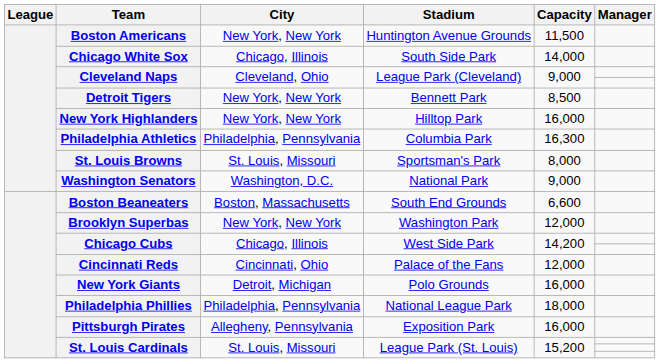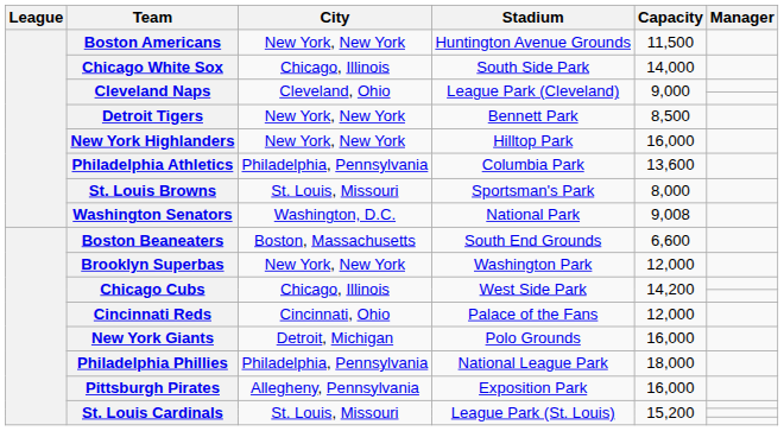 <table class="wikitable sortable plainrowheaders" style="text-align:center;">
 <tr>
 <th scope="col">League</th>
 <th scope="col">Team</th>
 <th scope="col">City</th>
 <th scope="col">Stadium</th>
 <th scope="col">Capacity</th>
 <th scope="col">Manager</th>
 </tr>
 <tr>
 <th rowspan="9"></th>
 <th scope="row"><a href='#'>Boston Americans</a></th>
 <td><a href='#'>New York</a>, <a href='#'>New York</a></td>
 <td><a href='#'>Huntington Avenue Grounds</a></td>
 <td>11,500</td>
 <td></td>
 </tr>
 <tr>
 <th scope="row"><a href='#'>Chicago White Sox</a></th>
 <td><a href='#'>Chicago</a>, <a href='#'>Illinois</a></td>
 <td><a href='#'>South Side Park</a></td>
 <td>14,000</td>
 <td></td>
 </tr>
 <tr>
 <th rowspan="2" scope="row"><a href='#'>Cleveland Naps</a></th>
 <td rowspan="2"><a href='#'>Cleveland</a>, <a href='#'>Ohio</a></td>
 <td rowspan="2"><a href='#'>League Park (Cleveland)</a></td>
 <td rowspan="2">9,000</td>
 <td></td>
 </tr>
 <tr>
 <td></td>
 </tr>
 <tr>
 <th scope="row"><a href='#'>Detroit Tigers</a></th>
 <td><a href='#'>New York</a>, <a href='#'>New York</a></td>
 <td><a href='#'>Bennett Park</a></td>
 <td>8,500</td>
 <td></td>
 </tr>
 <tr>
 <th scope="row"><a href='#'>New York Highlanders</a></th>
 <td><a href='#'>New York</a>, <a href='#'>New York</a></td>
 <td><a href='#'>Hilltop Park</a></td>
 <td>16,000</td>
 <td></td>
 </tr>
 <tr>
 <th scope="row"><a href='#'>Philadelphia Athletics</a></th>
 <td><a href='#'>Philadelphia</a>, <a href='#'>Pennsylvania</a></td>
 <td><a href='#'>Columbia Park</a></td>
-<td>16,300</td>
+<td>13,600</td>
 <td></td>
 </tr>
 <tr>
 <th scope="row"><a href='#'>St. Louis Browns</a></th>
 <td><a href='#'>St. Louis</a>, <a href='#'>Missouri</a></td>
 <td><a href='#'>Sportsman's Park</a></td>
 <td>8,000</td>
 <td></td>
 </tr>
 <tr>
 <th scope="row"><a href='#'>Washington Senators</a></th>
 <td><a href='#'>Washington, D.C.</a></td>
 <td><a href='#'>National Park</a></td>
-<td>9,000</td>
+<td>9,008</td>
 <td></td>
 </tr>
 <tr>
 <th rowspan="11"></th>
 <th scope="row"><a href='#'>Boston Beaneaters</a></th>
 <td><a href='#'>Boston</a>, <a href='#'>Massachusetts</a></td>
 <td><a href='#'>South End Grounds</a></td>
 <td>6,600</td>
 <td></td>
 </tr>
 <tr>
 <th scope="row"><a href='#'>Brooklyn Superbas</a></th>
 <td><a href='#'>New York</a>, <a href='#'>New York</a></td>
 <td><a href='#'>Washington Park</a></td>
 <td>12,000</td>
 <td></td>
 </tr>
 <tr>
 <th rowspan="2" scope="row"><a href='#'>Chicago Cubs</a></th>
 <td rowspan="2"><a href='#'>Chicago</a>, <a href='#'>Illinois</a></td>
 <td rowspan="2"><a href='#'>West Side Park</a></td>
 <td rowspan="2">14,200</td>
 <td></td>
 </tr>
 <tr>
 <td></td>
 </tr>
 <tr>
 <th scope="row"><a href='#'>Cincinnati Reds</a></th>
 <td><a href='#'>Cincinnati</a>, <a href='#'>Ohio</a></td>
 <td><a href='#'>Palace of the Fans</a></td>
 <td>12,000</td>
 <td></td>
 </tr>
 <tr>
 <th scope="row"><a href='#'>New York Giants</a></th>
 <td><a href='#'>Detroit</a>, <a href='#'>Michigan</a></td>
 <td><a href='#'>Polo Grounds</a></td>
 <td>16,000</td>
 <td></td>
 </tr>
 <tr>
 <th scope="row"><a href='#'>Philadelphia Phillies</a></th>
 <td><a href='#'>Philadelphia</a>, <a href='#'>Pennsylvania</a></td>
 <td><a href='#'>National League Park</a></td>
 <td>18,000</td>
 <td></td>
 </tr>
 <tr>
 <th scope="row"><a href='#'>Pittsburgh Pirates</a></th>
 <td><a href='#'>Allegheny</a>, <a href='#'>Pennsylvania</a></td>
 <td><a href='#'>Exposition Park</a></td>
 <td>16,000</td>
 <td></td>
 </tr>
 <tr>
 <th rowspan="3" scope="row"><a href='#'>St. Louis Cardinals</a></th>
 <td rowspan="3"><a href='#'>St. Louis</a>, <a href='#'>Missouri</a></td>
 <td rowspan="3"><a href='#'>League Park (St. Louis)</a></td>
 <td rowspan="3">15,200</td>
 <td></td>
 </tr>
 <tr>
 <td></td>
 </tr>
 <tr>
 <td></td>
 </tr>
 </table>
